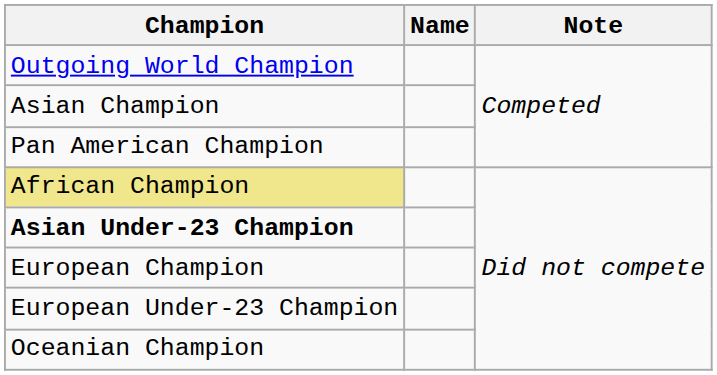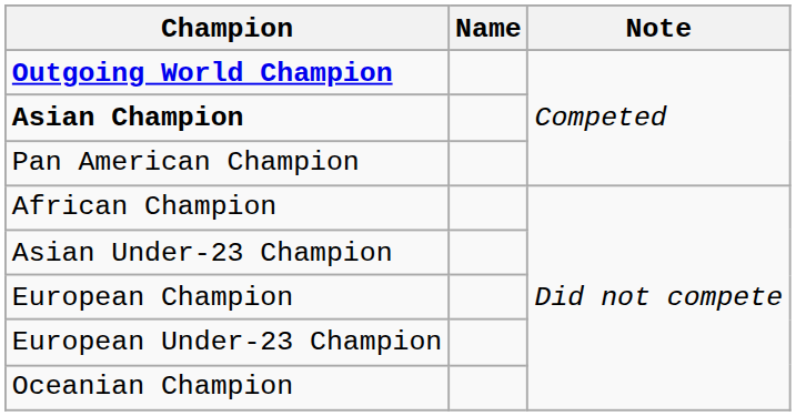 <table class="wikitable">
 <tr>
 <th>Champion</th>
 <th>Name</th>
 <th>Note</th>
 </tr>
 <tr>
-<td><a href='#'>Outgoing World Champion</a></td>
+<td><strong><a href='#'>Outgoing World Champion</a></strong></td>
 <td></td>
 <td rowspan=3><em>Competed</em></td>
 </tr>
 <tr>
-<td>Asian Champion</td>
+<td><strong>Asian Champion</strong></td>
 <td></td>
 </tr>
 <tr>
 <td>Pan American Champion</td>
 <td></td>
 </tr>
 <tr>
-<td style="background: khaki;">African Champion</td>
+<td>African Champion</td>
 <td></td>
 <td rowspan=5><em>Did not compete</em></td>
 </tr>
 <tr>
-<td><strong>Asian Under-23 Champion</strong></td>
+<td>Asian Under-23 Champion</td>
 <td></td>
 </tr>
 <tr>
 <td>European Champion</td>
 <td></td>
 </tr>
 <tr>
 <td>European Under-23 Champion</td>
 <td></td>
 </tr>
 <tr>
 <td>Oceanian Champion</td>
 <td></td>
 </tr>
 </table>
